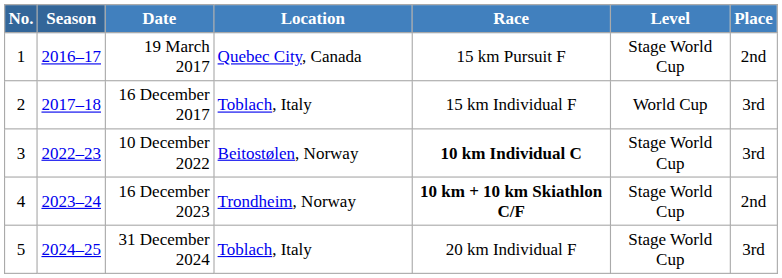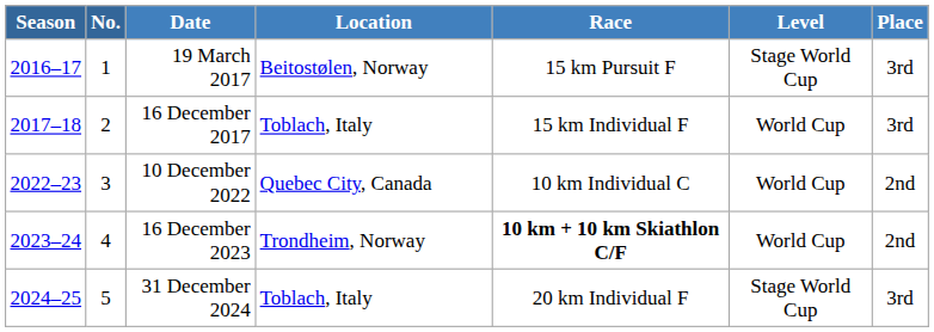 <table class="wikitable sortable" style="font-size:95%; text-align:center; border:grey solid 1px; border-collapse:collapse; background:#ffffff;">
 <tr style="background:#efefef;">
+<th style="background-color:#369; color:white;">Season</th>
 <th style="background-color:#369; color:white;">No.</th>
-<th style="background-color:#369; color:white;">Season</th>
 <th style="background-color:#4180be; color:white; width:90px;">Date</th>
 <th style="background-color:#4180be; color:white; width:170px;">Location</th>
 <th style="background-color:#4180be; color:white; width:170px;">Race</th>
 <th style="background-color:#4180be; color:white; width:100px;">Level</th>
 <th style="background-color:#4180be; color:white;">Place</th>
 </tr>
 <tr>
+<td rowspan=1 align=center><a href='#'>2016–17</a></td>
 <td align=center>1</td>
-<td rowspan=1 align=center><a href='#'>2016–17</a></td>
 <td align=right>19 March 2017</td>
-<td align=left> <a href='#'>Quebec City</a>, Canada</td>
+<td align=left> <a href='#'>Beitostølen</a>, Norway</td>
 <td>15 km Pursuit F</td>
 <td>Stage World Cup</td>
-<td>2nd</td>
+<td>3rd</td>
 </tr>
 <tr>
+<td rowspan=1 align=center><a href='#'>2017–18</a></td>
 <td align=center>2</td>
-<td rowspan=1 align=center><a href='#'>2017–18</a></td>
 <td align=right>16 December 2017</td>
 <td align=left> <a href='#'>Toblach</a>, Italy</td>
 <td>15 km Individual F</td>
 <td>World Cup</td>
 <td>3rd</td>
 </tr>
 <tr>
+<td rowspan=1 align=center><a href='#'>2022–23</a></td>
 <td align=center>3</td>
-<td rowspan=1 align=center><a href='#'>2022–23</a></td>
 <td align=right>10 December 2022</td>
-<td align=left> <a href='#'>Beitostølen</a>, Norway</td>
-<td><strong>10 km Individual C</strong></td>
-<td>Stage World Cup</td>
-<td>3rd</td>
+<td align=left> <a href='#'>Quebec City</a>, Canada</td>
+<td>10 km Individual C</td>
+<td>World Cup</td>
+<td>2nd</td>
 </tr>
 <tr>
+<td rowspan=1 align=center><a href='#'>2023–24</a></td>
 <td align=center>4</td>
-<td rowspan=1 align=center><a href='#'>2023–24</a></td>
 <td align=right>16 December 2023</td>
 <td align=left> <a href='#'>Trondheim</a>, Norway</td>
 <td><strong>10 km + 10 km Skiathlon C/F</strong></td>
-<td>Stage World Cup</td>
+<td>World Cup</td>
 <td>2nd</td>
 </tr>
 <tr>
+<td rowspan=1 align=center><a href='#'>2024–25</a></td>
 <td align=center>5</td>
-<td rowspan=1 align=center><a href='#'>2024–25</a></td>
 <td align=right>31 December 2024</td>
 <td align=left> <a href='#'>Toblach</a>, Italy</td>
 <td>20 km Individual F</td>
 <td>Stage World Cup</td>
 <td>3rd</td>
 </tr>
 </table>
